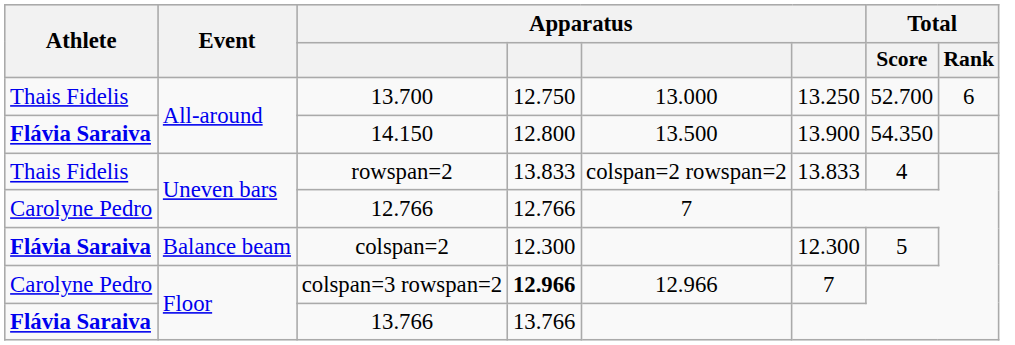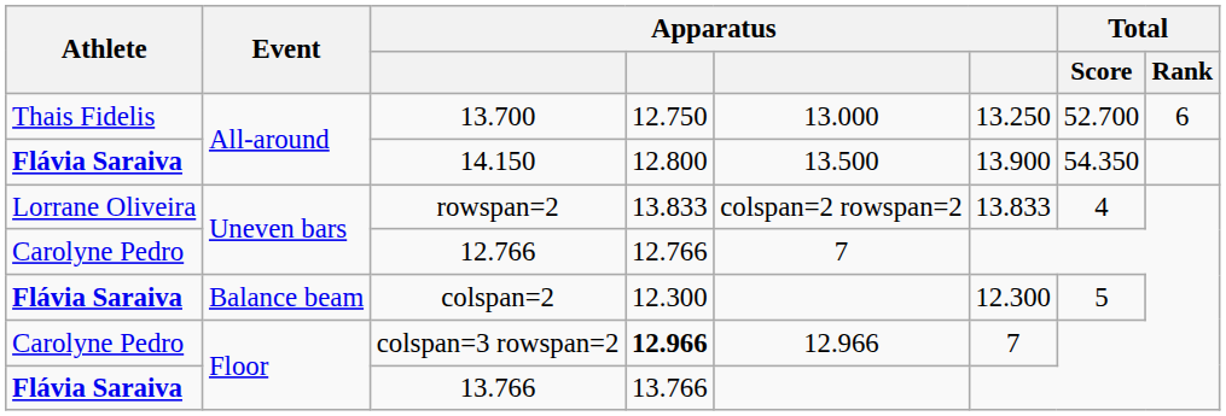 <table class=wikitable style=font-size:90%;text-align:center>
 <tr>
 <th rowspan=2>Athlete</th>
 <th rowspan=2>Event</th>
 <th colspan=4>Apparatus</th>
 <th colspan=2>Total</th>
 </tr>
 <tr style=font-size:95%>
 <th></th>
 <th></th>
 <th></th>
 <th></th>
 <th>Score</th>
 <th>Rank</th>
 </tr>
 <tr>
 <td align=left><a href='#'>Thais Fidelis</a></td>
 <td align=left rowspan=2><a href='#'>All-around</a></td>
 <td>13.700</td>
 <td>12.750</td>
 <td>13.000</td>
 <td>13.250</td>
 <td>52.700</td>
 <td>6</td>
 </tr>
 <tr>
 <td align=left><strong><a href='#'>Flávia Saraiva</a></strong></td>
 <td>14.150</td>
 <td>12.800</td>
 <td>13.500</td>
 <td>13.900</td>
 <td>54.350</td>
 <td></td>
 </tr>
 <tr>
-<td align=left><a href='#'>Thais Fidelis</a></td>
+<td align=left><a href='#'>Lorrane Oliveira</a></td>
 <td align=left rowspan=2><a href='#'>Uneven bars</a></td>
 <td>rowspan=2 </td>
 <td>13.833</td>
 <td>colspan=2 rowspan=2 </td>
 <td>13.833</td>
 <td>4</td>
 </tr>
 <tr>
 <td align=left><a href='#'>Carolyne Pedro</a></td>
 <td>12.766</td>
 <td>12.766</td>
 <td>7</td>
 </tr>
 <tr>
 <td align=left><strong><a href='#'>Flávia Saraiva</a></strong></td>
 <td align=left><a href='#'>Balance beam</a></td>
 <td>colspan=2 </td>
 <td>12.300</td>
 <td></td>
 <td>12.300</td>
 <td>5</td>
 </tr>
 <tr>
 <td align=left><a href='#'>Carolyne Pedro</a></td>
 <td align=left rowspan=2><a href='#'>Floor</a></td>
 <td>colspan=3 rowspan=2 </td>
 <td><strong>12.966</strong></td>
 <td>12.966</td>
 <td>7</td>
 </tr>
 <tr>
 <td align=left><strong><a href='#'>Flávia Saraiva</a></strong></td>
 <td>13.766</td>
 <td>13.766</td>
 <td></td>
 </tr>
 </table>
